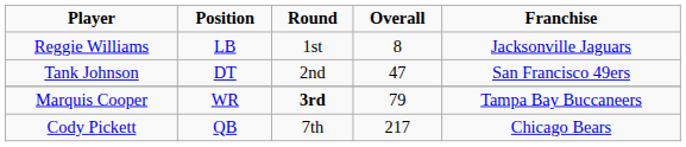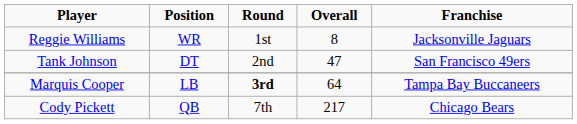 <table class="wikitable" width="50%">
 <tr align="center">
 <td><strong>Player</strong></td>
 <td><strong>Position</strong></td>
 <td><strong>Round</strong></td>
 <td><strong>Overall</strong></td>
 <td><strong>Franchise</strong></td>
 </tr>
 <tr style="text-align:center;" bgcolor="">
 <td><a href='#'>Reggie Williams</a></td>
-<td><a href='#'>LB</a></td>
+<td><a href='#'>WR</a></td>
 <td>1st</td>
 <td>8</td>
 <td><a href='#'>Jacksonville Jaguars</a></td>
 </tr>
 <tr style="text-align:center;" bgcolor="">
 <td><a href='#'>Tank Johnson</a></td>
 <td><a href='#'>DT</a></td>
 <td>2nd</td>
 <td>47</td>
 <td><a href='#'>San Francisco 49ers</a></td>
 </tr>
 <tr style="text-align:center;" bgcolor="">
 </tr>
 <tr style="text-align:center;" bgcolor="">
 <td><a href='#'>Marquis Cooper</a></td>
-<td><a href='#'>WR</a></td>
+<td><a href='#'>LB</a></td>
 <td><strong>3rd</strong></td>
-<td>79</td>
+<td>64</td>
 <td><a href='#'>Tampa Bay Buccaneers</a></td>
 </tr>
 <tr style="text-align:center;" bgcolor="">
 <td><a href='#'>Cody Pickett</a></td>
 <td><a href='#'>QB</a></td>
 <td>7th</td>
 <td>217</td>
 <td><a href='#'>Chicago Bears</a></td>
 </tr>
 </table>
